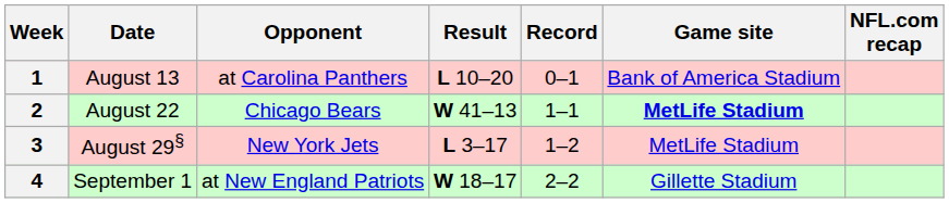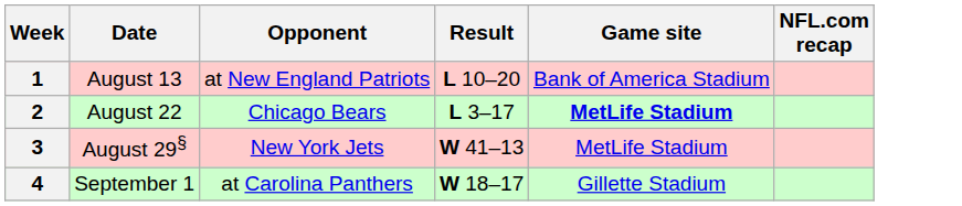 <table class="wikitable" style="text-align:center">
 <tr>
 <th>Week</th>
 <th>Date</th>
 <th>Opponent</th>
 <th>Result</th>
-<th>Record</th>
 <th>Game site</th>
 <th>NFL.com<br>recap</th>
 </tr>
 <tr style="background:#fcc">
 <th>1</th>
 <td style="text-align:center;">August 13</td>
-<td style="text-align:center;">at <a href='#'>Carolina Panthers</a></td>
+<td style="text-align:center;">at <a href='#'>New England Patriots</a></td>
 <td style="text-align:center;"><strong>L</strong> 10–20</td>
-<td style="text-align:center;">0–1</td>
 <td style="text-align:center;"><a href='#'>Bank of America Stadium</a></td>
 <td style="text-align:center;"></td>
 </tr>
 <tr style="background:#cfc">
 <th>2</th>
 <td style="text-align:center;">August 22</td>
 <td style="text-align:center;"><a href='#'>Chicago Bears</a></td>
-<td style="text-align:center;"><strong>W</strong> 41–13</td>
-<td style="text-align:center;">1–1</td>
+<td style="text-align:center;"><strong>L</strong> 3–17</td>
 <td style="text-align:center;"><strong><a href='#'>MetLife Stadium</a></strong></td>
 <td style="text-align:center;"></td>
 </tr>
 <tr style="background:#fcc">
 <th>3</th>
 <td style="text-align:center;">August 29<sup>§</sup></td>
 <td style="text-align:center;"><a href='#'>New York Jets</a></td>
-<td style="text-align:center;"><strong>L</strong> 3–17</td>
-<td style="text-align:center;">1–2</td>
+<td style="text-align:center;"><strong>W</strong> 41–13</td>
 <td style="text-align:center;"><a href='#'>MetLife Stadium</a></td>
 <td style="text-align:center;"></td>
 </tr>
 <tr style="background:#cfc">
 <th>4</th>
 <td style="text-align:center;">September 1</td>
-<td style="text-align:center;">at <a href='#'>New England Patriots</a></td>
+<td style="text-align:center;">at <a href='#'>Carolina Panthers</a></td>
 <td style="text-align:center;"><strong>W</strong> 18–17</td>
-<td style="text-align:center;">2–2</td>
 <td style="text-align:center;"><a href='#'>Gillette Stadium</a></td>
 <td style="text-align:center;"></td>
 </tr>
 </table>
